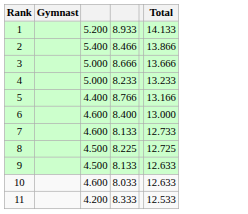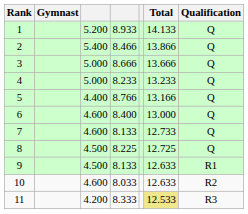 <table class="wikitable sortable" style="text-align:center">
 <tr>
 <th>Rank</th>
 <th>Gymnast</th>
 <th><small></small></th>
 <th><small></small></th>
 <th><small></small></th>
 <th>Total</th>
+<th>Qualification</th>
 </tr>
 <tr bgcolor=ccffcc>
 <td>1</td>
 <td align="left"></td>
 <td>5.200</td>
 <td>8.933</td>
 <td></td>
 <td>14.133</td>
+<td>Q</td>
 </tr>
 <tr bgcolor=ccffcc>
 <td>2</td>
 <td align="left"></td>
 <td>5.400</td>
 <td>8.466</td>
 <td></td>
 <td>13.866</td>
+<td>Q</td>
 </tr>
 <tr bgcolor=ccffcc>
 <td>3</td>
 <td align="left"></td>
 <td>5.000</td>
 <td>8.666</td>
 <td></td>
 <td>13.666</td>
+<td>Q</td>
 </tr>
 <tr bgcolor=ccffcc>
 <td>4</td>
 <td align="left"></td>
 <td>5.000</td>
 <td>8.233</td>
 <td></td>
 <td>13.233</td>
+<td>Q</td>
 </tr>
 <tr bgcolor=ccffcc>
 <td>5</td>
 <td align="left"></td>
 <td>4.400</td>
 <td>8.766</td>
 <td></td>
 <td>13.166</td>
+<td>Q</td>
 </tr>
 <tr bgcolor=ccffcc>
 <td>6</td>
 <td align="left"></td>
 <td>4.600</td>
 <td>8.400</td>
 <td></td>
 <td>13.000</td>
+<td>Q</td>
 </tr>
 <tr bgcolor=ccffcc>
 <td>7</td>
 <td align="left"></td>
 <td>4.600</td>
 <td>8.133</td>
 <td></td>
 <td>12.733</td>
+<td>Q</td>
 </tr>
 <tr bgcolor=ccffcc>
 <td>8</td>
 <td align="left"></td>
 <td>4.500</td>
 <td>8.225</td>
 <td></td>
 <td>12.725</td>
+<td>Q</td>
 </tr>
 <tr bgcolor=ccffcc>
 <td>9</td>
 <td align="left"></td>
 <td>4.500</td>
 <td>8.133</td>
 <td></td>
 <td>12.633</td>
+<td>R1</td>
 </tr>
 <tr>
 <td>10</td>
 <td align="left"></td>
 <td>4.600</td>
 <td>8.033</td>
 <td></td>
 <td>12.633</td>
+<td>R2</td>
 </tr>
 <tr>
 <td>11</td>
 <td align="left"></td>
 <td>4.200</td>
 <td>8.333</td>
 <td></td>
-<td>12.533</td>
+<td style="background: khaki;">12.533</td>
+<td>R3</td>
 </tr>
 </table>
